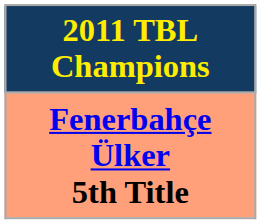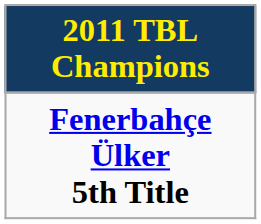 <table class="wikitable" style="margin: 0 auto; width: 20%;">
 <tr>
 <th style="background:#133A61 ; color:#FFED00">2011 TBL Champions</th>
 </tr>
 <tr>
-<td align=center style="background: lightsalmon;"><strong><a href='#'>Fenerbahçe Ülker</a></strong><br><strong>5th Title</strong> <br></td>
+<td align=center><strong><a href='#'>Fenerbahçe Ülker</a></strong><br><strong>5th Title</strong> <br></td>
 </tr>
 </table>
